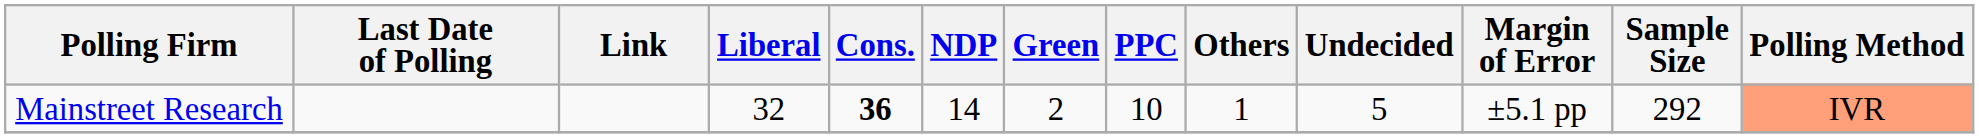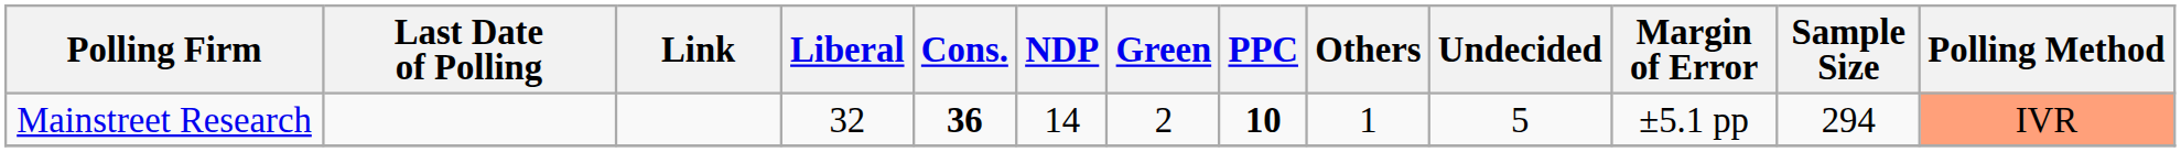 <table class="wikitable sortable" style="text-align:center;font-size:90%;line-height:14px;">
 <tr style="background:#e9e9e9;">
 <th style="width:120px">Polling Firm</th>
 <th style="width:110px">Last Date<br>of Polling</th>
 <th style="width:60px" class="unsortable">Link</th>
 <th style="background-color:"><a href='#'>Liberal</a></th>
 <th style="background-color:"><a href='#'>Cons.</a></th>
 <th style="background-color:"><a href='#'>NDP</a></th>
 <th style="background-color:"><a href='#'>Green</a></th>
 <th style="background-color:"><a href='#'><span>PPC</span></a></th>
 <th style="background-color:">Others</th>
 <th style="background-color:">Undecided</th>
 <th style="width:60px;" class=unsortable>Margin<br>of Error</th>
 <th style="width:50px;" class=unsortable>Sample<br>Size</th>
 <th class=unsortable>Polling Method</th>
 </tr>
 <tr>
 <td><a href='#'>Mainstreet Research</a></td>
 <td></td>
 <td></td>
 <td>32</td>
 <td><strong>36</strong></td>
 <td>14</td>
 <td>2</td>
-<td>10</td>
+<td><strong>10</strong></td>
 <td>1</td>
 <td>5</td>
 <td>±5.1 pp</td>
-<td>292</td>
+<td>294</td>
 <td style="background: lightsalmon;">IVR</td>
 </tr>
 <tr>
 </tr>
 </table>
